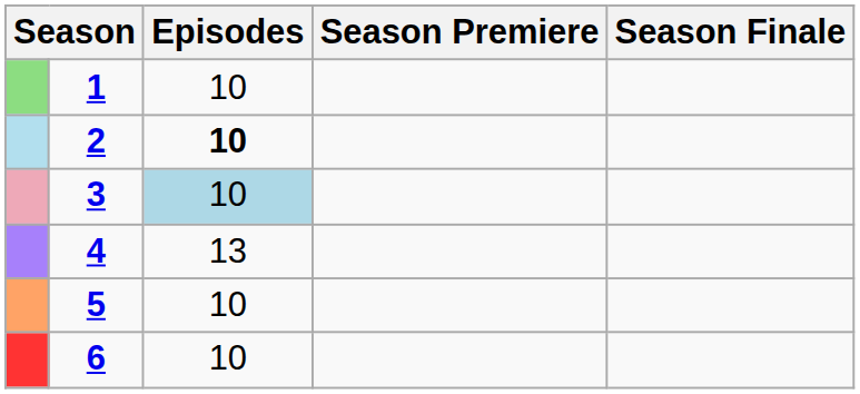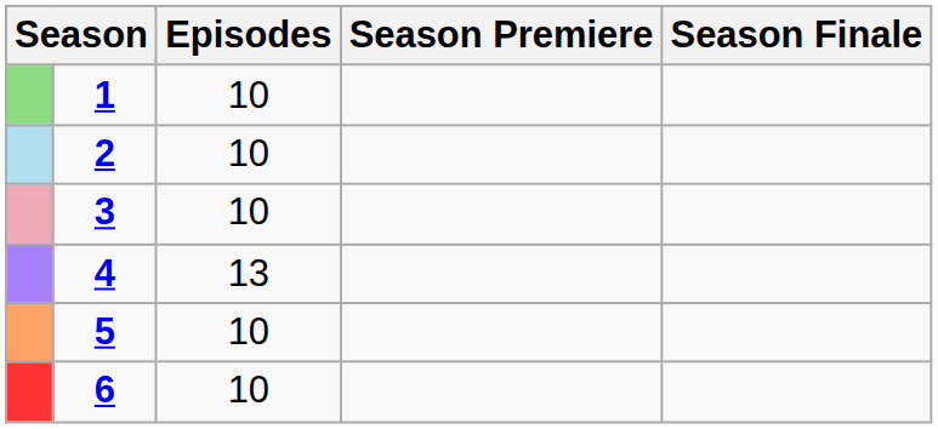 <table class="wikitable">
 <tr>
 <th colspan="2">Season</th>
 <th>Episodes</th>
 <th>Season Premiere</th>
 <th>Season Finale</th>
 </tr>
 <tr>
 <td style="background:#8CDD81; height:5px;"></td>
 <td style="text-align:center;"><strong><a href='#'>1</a></strong></td>
 <td style="text-align:center;">10</td>
 <td style="text-align:center;"></td>
 <td style="text-align:center;"></td>
 </tr>
 <tr>
 <td style="background:#B2DFEE; height:5px;"></td>
 <td style="text-align:center;"><strong><a href='#'>2</a></strong></td>
-<td style="text-align:center;"><strong>10</strong></td>
+<td style="text-align:center;">10</td>
 <td style="text-align:center;"></td>
 <td style="text-align:center;"></td>
 </tr>
 <tr>
 <td style="background:#EEA9B8; height:5px;"></td>
 <td style="text-align:center;"><strong><a href='#'>3</a></strong></td>
-<td style="background: lightblue; text-align:center;">10</td>
+<td style="text-align:center;">10</td>
 <td style="text-align:center;"></td>
 <td style="text-align:center;"></td>
 </tr>
 <tr>
 <td style="background:#A780FB; height:5px;"></td>
 <td style="text-align:center;"><strong><a href='#'>4</a></strong></td>
 <td style="text-align:center;">13</td>
 <td style="text-align:center;"></td>
 <td style="text-align:center;"></td>
 </tr>
 <tr>
 <td style="background:#ffa366; height:5px;"></td>
 <td style="text-align:center;"><strong><a href='#'>5</a></strong></td>
 <td style="text-align:center;">10</td>
 <td style="text-align:center;"></td>
 <td style="text-align:center;"></td>
 </tr>
 <tr>
 <td style="background:#ff3333; height:5px;"></td>
 <td style="text-align:center;"><strong><a href='#'>6</a></strong></td>
 <td style="text-align:center;">10</td>
 <td style="text-align:center;"></td>
 <td style="text-align:center;"></td>
 </tr>
 </table>
